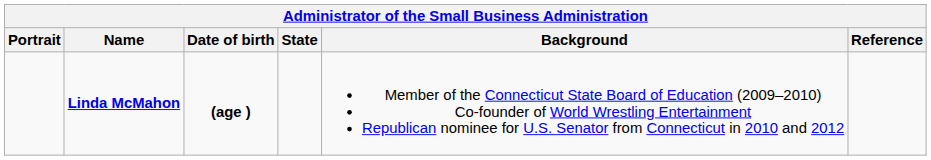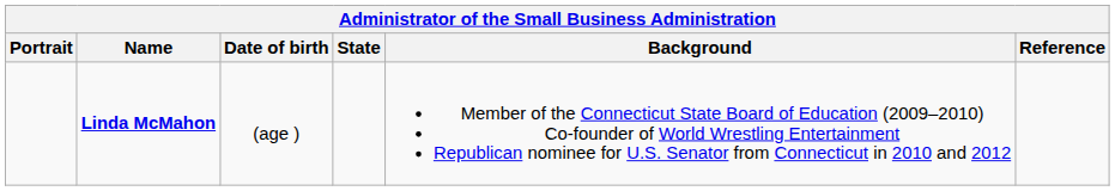 <table class="wikitable collapsible" style="text-align:center;">
 <tr>
 <th colspan="6"><a href='#'>Administrator of the Small Business Administration</a></th>
 </tr>
 <tr>
 <th>Portrait</th>
 <th>Name</th>
 <th>Date of birth</th>
 <th>State</th>
 <th>Background</th>
 <th>Reference</th>
 </tr>
 <tr>
 <td></td>
 <td><strong><a href='#'>Linda McMahon</a></strong></td>
-<td><strong><br>(age )</strong></td>
+<td><br>(age )</td>
 <td></td>
 <td><br><ul><li>Member of the <a href='#'>Connecticut State Board of Education</a> (2009–2010)</li><li>Co-founder of <a href='#'>World Wrestling Entertainment</a></li><li><a href='#'>Republican</a> nominee for <a href='#'>U.S. Senator</a> from <a href='#'>Connecticut</a> in <a href='#'>2010</a> and <a href='#'>2012</a></li></ul></td>
 <td></td>
 </tr>
 </table>
